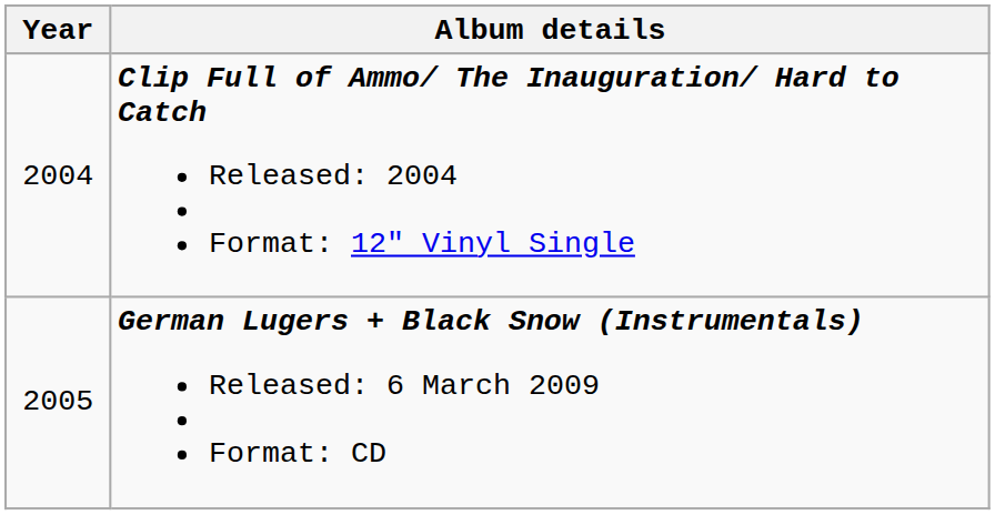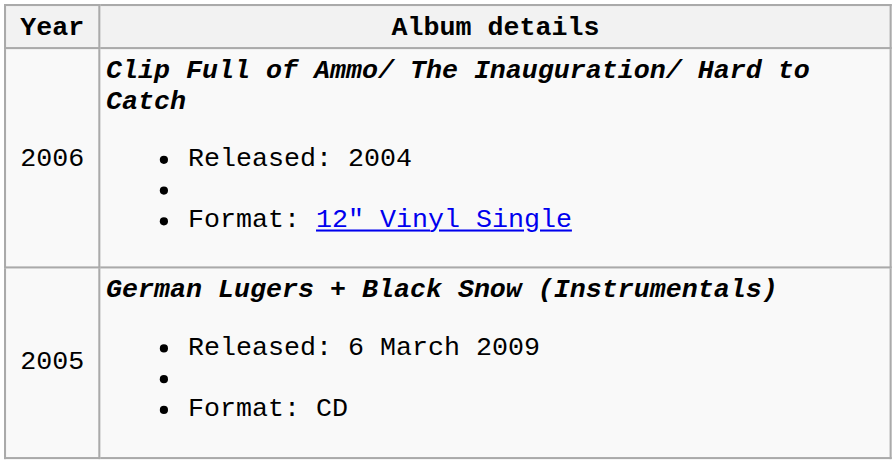 <table class="wikitable" style="text-align:center;">
 <tr>
 <th style="width:40px;">Year</th>
 <th style="width:380px;">Album details</th>
 </tr>
 <tr>
-<td style="text-align:center;">2004</td>
+<td style="text-align:center;">2006</td>
 <td align="left"><strong><em>Clip Full of Ammo/ The Inauguration/ Hard to Catch</em></strong><br><ul><li>Released: 2004</li><li></li><li>Format: <a href='#'>12" Vinyl Single</a></li></ul></td>
 </tr>
 <tr>
 <td aligh="center">2005</td>
 <td align="left"><strong><em>German Lugers + Black Snow (Instrumentals)</em></strong><br><ul><li>Released: 6 March 2009</li><li></li><li>Format: CD</li></ul></td>
 </tr>
 </table>
